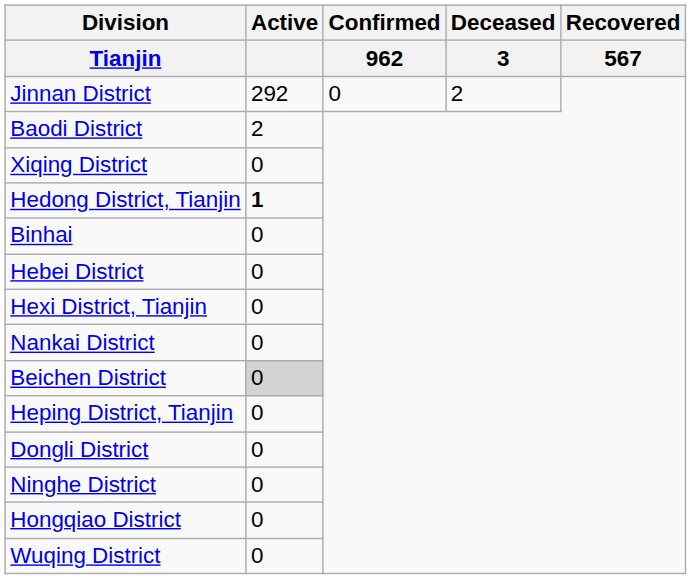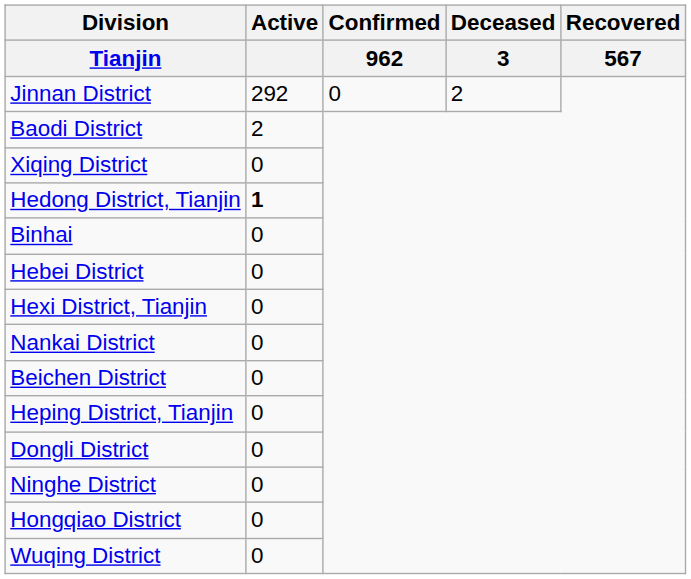 <table class="wikitable sortable" align="right">
 <tr>
 <th>Division</th>
 <th>Active</th>
 <th>Confirmed</th>
 <th>Deceased</th>
 <th>Recovered</th>
 </tr>
 <tr>
 <th><a href='#'>Tianjin</a></th>
 <th></th>
 <th>962</th>
 <th>3</th>
 <th>567</th>
 </tr>
 <tr>
 <td><a href='#'>Jinnan District</a></td>
 <td>292</td>
 <td>0</td>
 <td>2</td>
 </tr>
 <tr>
 <td><a href='#'>Baodi District</a></td>
 <td>2</td>
 </tr>
 <tr>
 <td><a href='#'>Xiqing District</a></td>
 <td>0</td>
 </tr>
 <tr>
 <td><a href='#'>Hedong District, Tianjin</a></td>
 <td><strong>1</strong></td>
 </tr>
 <tr>
 <td><a href='#'>Binhai</a></td>
 <td>0</td>
 </tr>
 <tr>
 <td><a href='#'>Hebei District</a></td>
 <td>0</td>
 </tr>
 <tr>
 <td><a href='#'>Hexi District, Tianjin</a></td>
 <td>0</td>
 </tr>
 <tr>
 <td><a href='#'>Nankai District</a></td>
 <td>0</td>
 </tr>
 <tr>
 <td><a href='#'>Beichen District</a></td>
-<td style="background: lightgrey;">0</td>
+<td>0</td>
 </tr>
 <tr>
 <td><a href='#'>Heping District, Tianjin</a></td>
 <td>0</td>
 </tr>
 <tr>
 <td><a href='#'>Dongli District</a></td>
 <td>0</td>
 </tr>
 <tr>
 <td><a href='#'>Ninghe District</a></td>
 <td>0</td>
 </tr>
 <tr>
 <td><a href='#'>Hongqiao District</a></td>
 <td>0</td>
 </tr>
 <tr>
 <td><a href='#'>Wuqing District</a></td>
 <td>0</td>
 </tr>
 </table>
